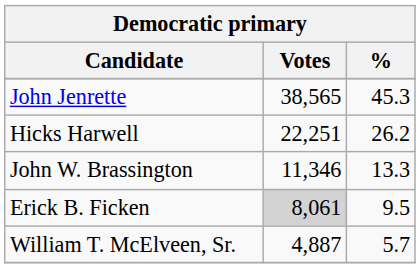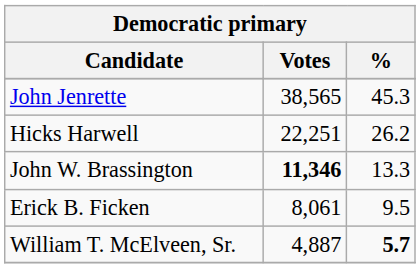 <table class="wikitable" align="left" style="margin: 1em 1em 1em 0; font-size: 95%;">
 <tr>
 <th colspan="3">Democratic primary</th>
 </tr>
 <tr>
 <th colspan="1" style="width: 170px">Candidate</th>
 <th style="width: 50px">Votes</th>
 <th style="width: 40px">%</th>
 </tr>
 <tr>
 </tr>
 <tr>
 <td><a href='#'>John Jenrette</a></td>
 <td align="right">38,565</td>
 <td align="right">45.3</td>
 </tr>
 <tr>
 <td>Hicks Harwell</td>
 <td align="right">22,251</td>
 <td align="right">26.2</td>
 </tr>
 <tr>
 <td>John W. Brassington</td>
-<td align="right">11,346</td>
+<td align="right"><strong>11,346</strong></td>
 <td align="right">13.3</td>
 </tr>
 <tr>
 <td>Erick B. Ficken</td>
-<td align="right" style="background: lightgrey;">8,061</td>
+<td align="right">8,061</td>
 <td align="right">9.5</td>
 </tr>
 <tr>
 <td>William T. McElveen, Sr.</td>
 <td align="right">4,887</td>
-<td align="right">5.7</td>
+<td align="right"><strong>5.7</strong></td>
 </tr>
 <tr>
 </tr>
 </table>
